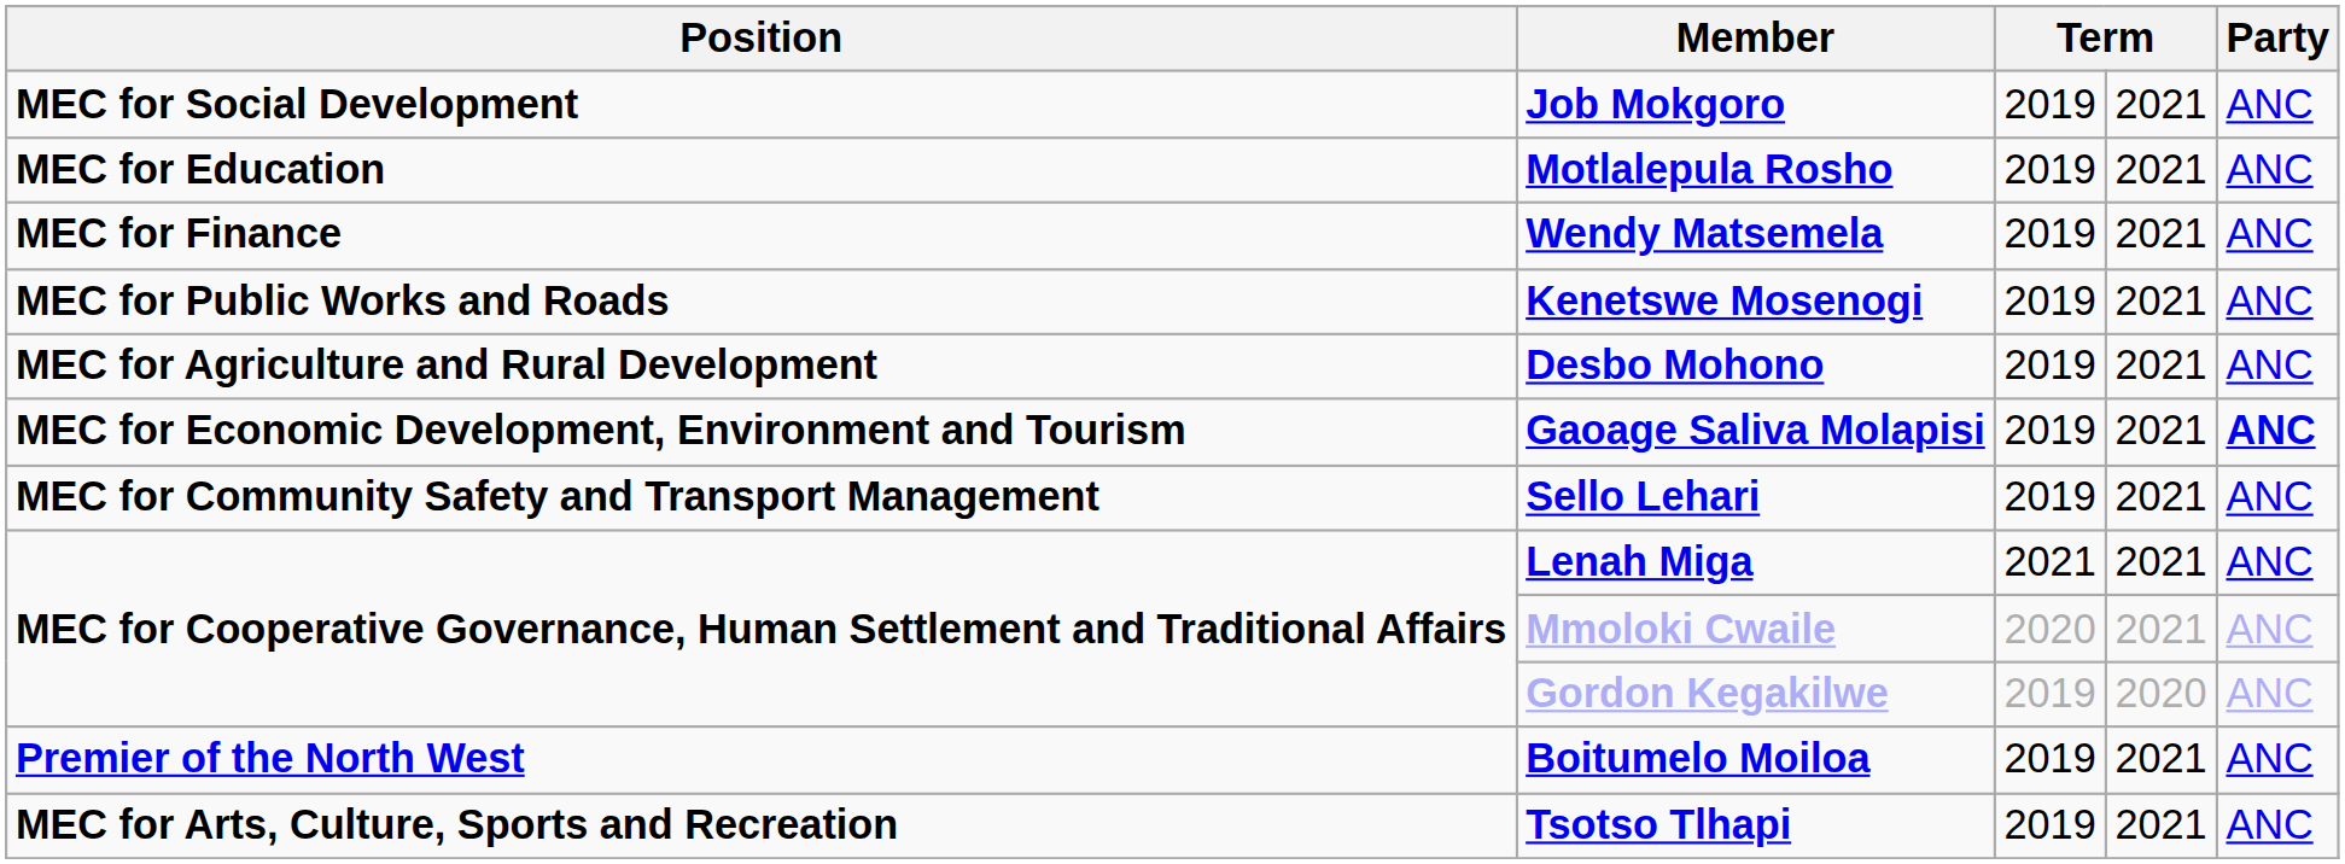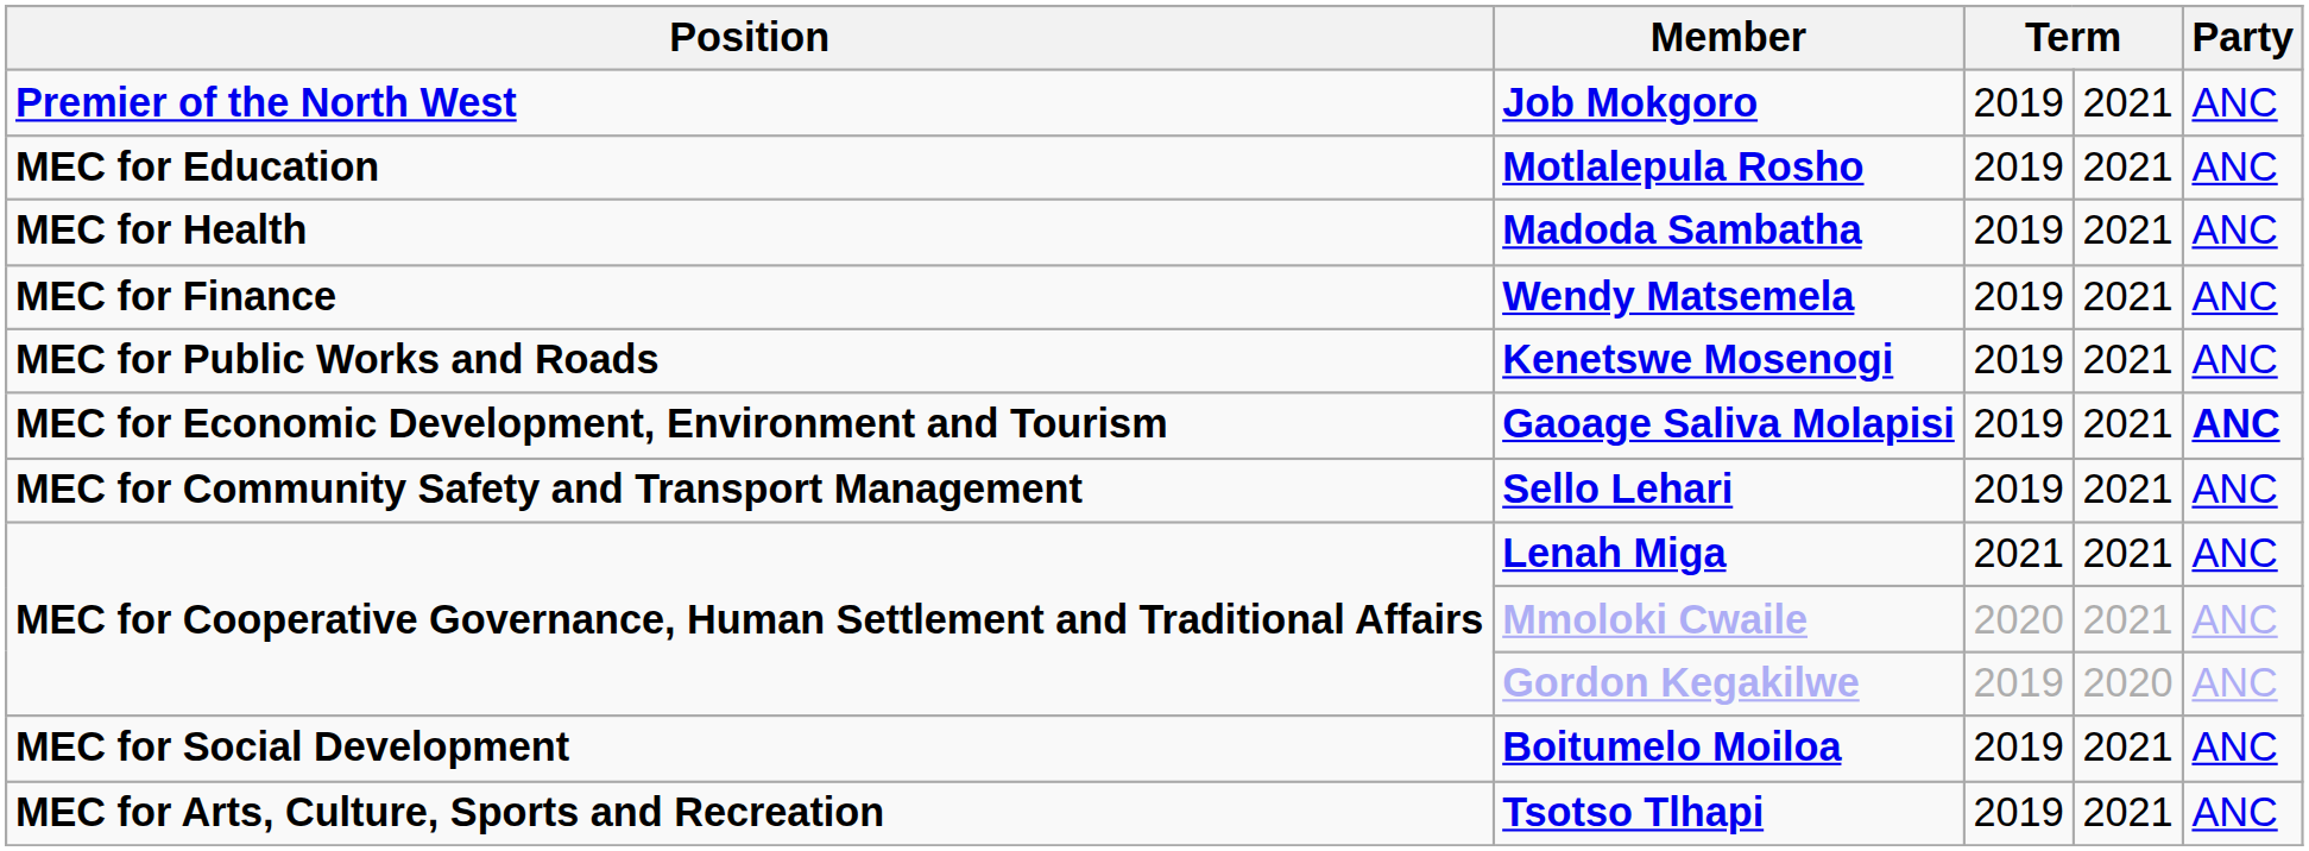 <table class="wikitable">
 <tr>
 <th>Position</th>
 <th>Member</th>
 <th colspan="2">Term</th>
 <th>Party</th>
 </tr>
 <tr>
-<td><strong>MEC for Social Development</strong></td>
+<td><strong><a href='#'>Premier of the North West</a></strong></td>
 <td><strong><a href='#'>Job Mokgoro</a></strong></td>
 <td>2019</td>
 <td>2021</td>
 <td><a href='#'>ANC</a></td>
 </tr>
 <tr>
 <td><strong>MEC for Education</strong></td>
 <td><strong><a href='#'>Motlalepula Rosho</a></strong></td>
+<td>2019</td>
+<td>2021</td>
+<td><a href='#'>ANC</a></td>
+</tr>
+<tr>
+<td><strong>MEC for Health</strong></td>
+<td><strong><a href='#'>Madoda Sambatha</a></strong></td>
 <td>2019</td>
 <td>2021</td>
 <td><a href='#'>ANC</a></td>
 </tr>
 <tr>
 <td><strong>MEC for Finance</strong></td>
 <td><strong><a href='#'>Wendy Matsemela</a></strong></td>
 <td>2019</td>
 <td>2021</td>
 <td><a href='#'>ANC</a></td>
 </tr>
 <tr>
 <td><strong>MEC for Public Works and Roads</strong></td>
 <td><strong><a href='#'>Kenetswe Mosenogi</a></strong></td>
-<td>2019</td>
-<td>2021</td>
-<td><a href='#'>ANC</a></td>
-</tr>
-<tr>
-<td><strong>MEC for Agriculture and Rural Development</strong></td>
-<td><strong><a href='#'>Desbo Mohono</a></strong></td>
 <td>2019</td>
 <td>2021</td>
 <td><a href='#'>ANC</a></td>
 </tr>
 <tr>
 <td><strong>MEC for Economic Development, Environment and Tourism</strong></td>
 <td><strong><a href='#'>Gaoage Saliva Molapisi</a></strong></td>
 <td>2019</td>
 <td>2021</td>
 <td><strong><a href='#'>ANC</a></strong></td>
 </tr>
 <tr>
 <td><strong>MEC for Community Safety and Transport Management</strong></td>
 <td><strong><a href='#'>Sello Lehari</a></strong></td>
 <td>2019</td>
 <td>2021</td>
 <td><a href='#'>ANC</a></td>
 </tr>
 <tr>
 <td rowspan="3"><strong>MEC for Cooperative Governance, Human Settlement and Traditional Affairs</strong></td>
 <td><strong><a href='#'>Lenah Miga</a></strong></td>
 <td>2021</td>
 <td>2021</td>
 <td><a href='#'>ANC</a></td>
 </tr>
 <tr style="opacity:.3;">
 <td><strong><a href='#'>Mmoloki Cwaile</a></strong></td>
 <td>2020</td>
 <td>2021</td>
 <td><a href='#'>ANC</a></td>
 </tr>
 <tr style="opacity:.3;">
 <td><strong><a href='#'>Gordon Kegakilwe</a></strong></td>
 <td>2019</td>
 <td>2020</td>
 <td><a href='#'>ANC</a></td>
 </tr>
 <tr>
-<td><strong><a href='#'>Premier of the North West</a></strong></td>
+<td><strong>MEC for Social Development</strong></td>
 <td><strong><a href='#'>Boitumelo Moiloa</a></strong></td>
 <td>2019</td>
 <td>2021</td>
 <td><a href='#'>ANC</a></td>
 </tr>
 <tr>
 <td><strong>MEC for Arts, Culture, Sports and Recreation</strong></td>
 <td><strong><a href='#'>Tsotso Tlhapi</a></strong></td>
 <td>2019</td>
 <td>2021</td>
 <td><a href='#'>ANC</a></td>
 </tr>
 </table>
